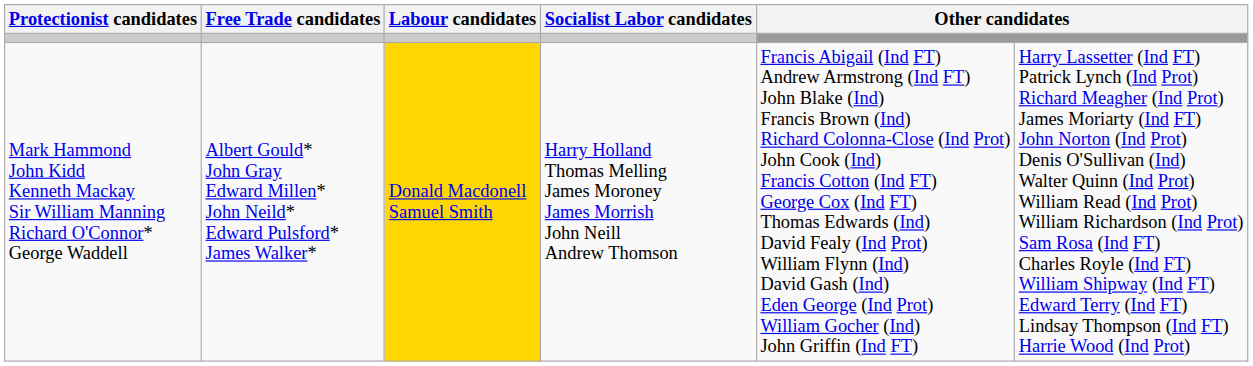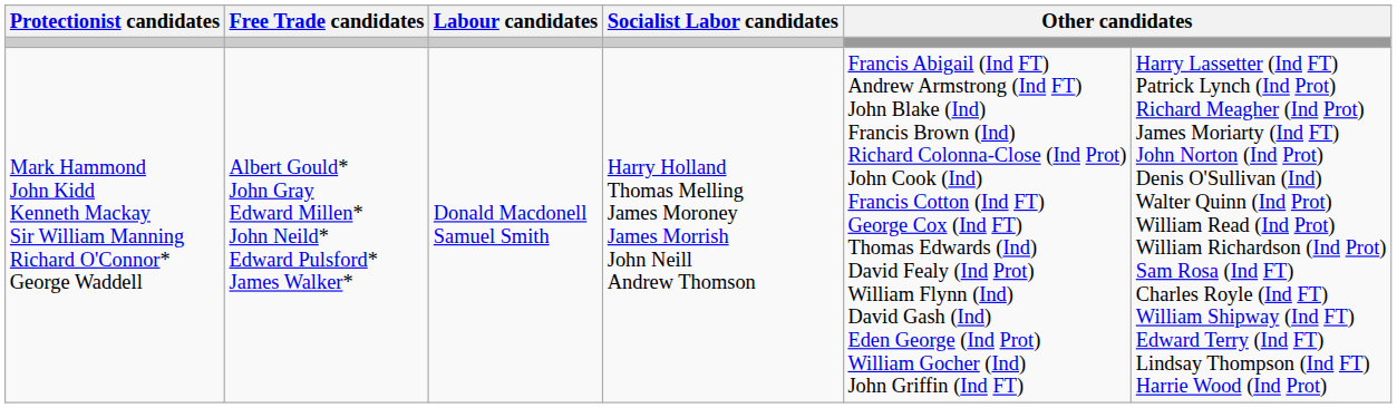 <table class="wikitable">
 <tr>
 <th><a href='#'>Protectionist</a> candidates</th>
 <th><a href='#'>Free Trade</a> candidates</th>
 <th><a href='#'>Labour</a> candidates</th>
 <th><a href='#'>Socialist Labor</a> candidates</th>
 <th colspan="2">Other candidates</th>
 </tr>
 <tr bgcolor="#cccccc">
 <td></td>
 <td></td>
 <td></td>
 <td></td>
 <td colspan="2" bgcolor="#999999"></td>
 </tr>
 <tr>
 <td><a href='#'>Mark Hammond</a><br><a href='#'>John Kidd</a><br><a href='#'>Kenneth Mackay</a><br><a href='#'>Sir William Manning</a><br><a href='#'>Richard O'Connor</a>*<br>George Waddell</td>
 <td><a href='#'>Albert Gould</a>*<br><a href='#'>John Gray</a><br><a href='#'>Edward Millen</a>*<br><a href='#'>John Neild</a>*<br><a href='#'>Edward Pulsford</a>*<br><a href='#'>James Walker</a>*</td>
-<td style="background: gold;"><a href='#'>Donald Macdonell</a><br><a href='#'>Samuel Smith</a></td>
+<td><a href='#'>Donald Macdonell</a><br><a href='#'>Samuel Smith</a></td>
 <td><a href='#'>Harry Holland</a><br>Thomas Melling<br>James Moroney<br><a href='#'>James Morrish</a><br>John Neill<br>Andrew Thomson<br></td>
 <td><a href='#'>Francis Abigail</a> (<a href='#'>Ind</a> <a href='#'>FT</a>)<br>Andrew Armstrong (<a href='#'>Ind</a> <a href='#'>FT</a>)<br>John Blake (<a href='#'>Ind</a>)<br>Francis Brown (<a href='#'>Ind</a>)<br><a href='#'>Richard Colonna-Close</a> (<a href='#'>Ind</a> <a href='#'>Prot</a>)<br>John Cook (<a href='#'>Ind</a>)<br><a href='#'>Francis Cotton</a> (<a href='#'>Ind</a> <a href='#'>FT</a>)<br><a href='#'>George Cox</a> (<a href='#'>Ind</a> <a href='#'>FT</a>)<br>Thomas Edwards (<a href='#'>Ind</a>)<br>David Fealy (<a href='#'>Ind</a> <a href='#'>Prot</a>)<br>William Flynn (<a href='#'>Ind</a>)<br>David Gash (<a href='#'>Ind</a>)<br><a href='#'>Eden George</a> (<a href='#'>Ind</a> <a href='#'>Prot</a>)<br><a href='#'>William Gocher</a> (<a href='#'>Ind</a>)<br>John Griffin (<a href='#'>Ind</a> <a href='#'>FT</a>)</td>
 <td><a href='#'>Harry Lassetter</a> (<a href='#'>Ind</a> <a href='#'>FT</a>)<br>Patrick Lynch (<a href='#'>Ind</a> <a href='#'>Prot</a>)<br><a href='#'>Richard Meagher</a> (<a href='#'>Ind</a> <a href='#'>Prot</a>)<br>James Moriarty (<a href='#'>Ind</a> <a href='#'>FT</a>)<br><a href='#'>John Norton</a> (<a href='#'>Ind</a> <a href='#'>Prot</a>)<br>Denis O'Sullivan (<a href='#'>Ind</a>)<br>Walter Quinn (<a href='#'>Ind</a> <a href='#'>Prot</a>)<br>William Read (<a href='#'>Ind</a> <a href='#'>Prot</a>)<br>William Richardson (<a href='#'>Ind</a> <a href='#'>Prot</a>)<br><a href='#'>Sam Rosa</a> (<a href='#'>Ind</a> <a href='#'>FT</a>)<br>Charles Royle (<a href='#'>Ind</a> <a href='#'>FT</a>)<br><a href='#'>William Shipway</a> (<a href='#'>Ind</a> <a href='#'>FT</a>)<br><a href='#'>Edward Terry</a> (<a href='#'>Ind</a> <a href='#'>FT</a>)<br>Lindsay Thompson (<a href='#'>Ind</a> <a href='#'>FT</a>)<br><a href='#'>Harrie Wood</a> (<a href='#'>Ind</a> <a href='#'>Prot</a>)</td>
 </tr>
 </table>
